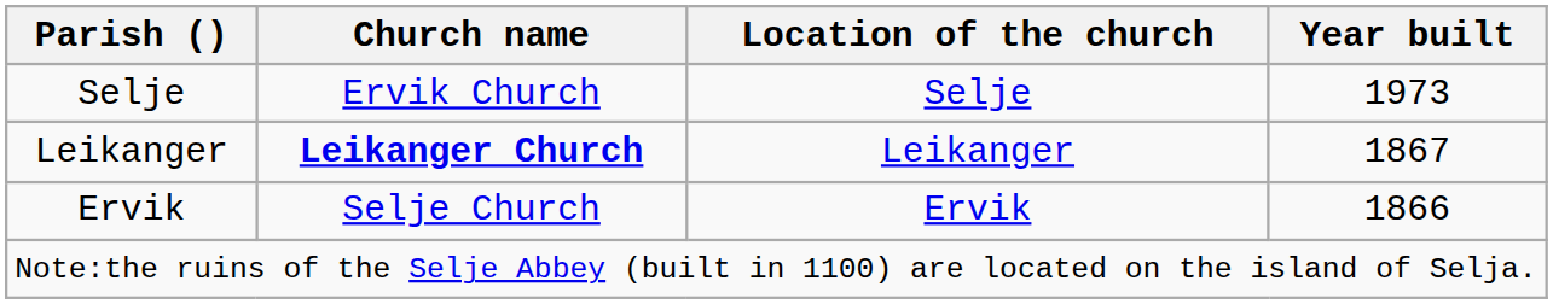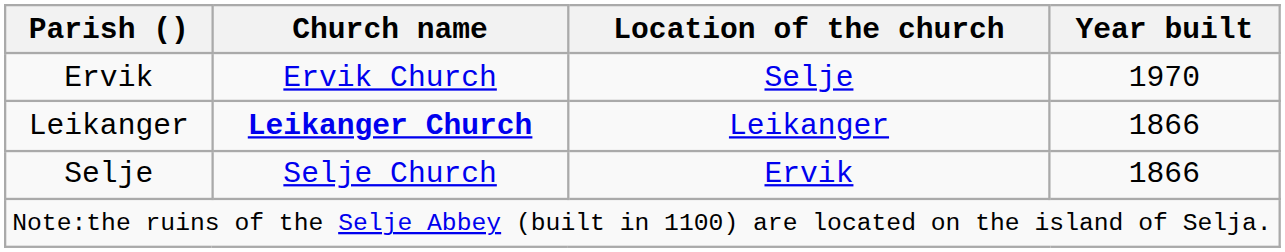 <table class="wikitable" style="text-align:center">
 <tr>
 <th>Parish ()</th>
 <th>Church name</th>
 <th>Location of the church</th>
 <th>Year built</th>
 </tr>
 <tr>
-<td>Selje</td>
+<td>Ervik</td>
 <td><a href='#'>Ervik Church</a></td>
 <td><a href='#'>Selje</a></td>
-<td>1973</td>
+<td>1970</td>
 </tr>
 <tr>
 <td>Leikanger</td>
 <td><strong><a href='#'>Leikanger Church</a></strong></td>
 <td><a href='#'>Leikanger</a></td>
-<td>1867</td>
+<td>1866</td>
 </tr>
 <tr>
-<td>Ervik</td>
+<td>Selje</td>
 <td><a href='#'>Selje Church</a></td>
 <td><a href='#'>Ervik</a></td>
 <td>1866</td>
 </tr>
 <tr>
 <td colspan=4><small>Note:the ruins of the <a href='#'>Selje Abbey</a> (built in 1100) are located on the island of Selja.</small></td>
 </tr>
 </table>
